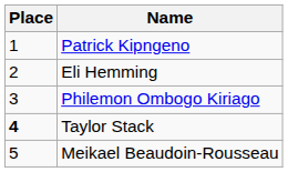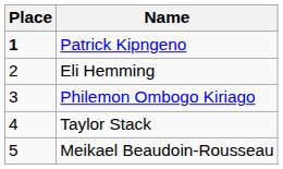 <table class="wikitable">
 <tr>
 <th>Place</th>
 <th>Name</th>
 </tr>
 <tr>
-<td>1</td>
+<td><strong>1</strong></td>
 <td> <a href='#'>Patrick Kipngeno</a></td>
 </tr>
 <tr>
 <td>2</td>
 <td> Eli Hemming</td>
 </tr>
 <tr>
 <td>3</td>
 <td> <a href='#'>Philemon Ombogo Kiriago</a></td>
 </tr>
 <tr>
-<td><strong>4</strong></td>
+<td>4</td>
 <td> Taylor Stack</td>
 </tr>
 <tr>
 <td>5</td>
 <td> Meikael Beaudoin-Rousseau</td>
 </tr>
 </table>
